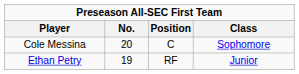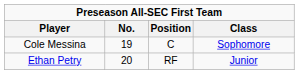 <table class="wikitable" style="text-align:center">
 <tr>
 <td colspan="5"><strong>Preseason All-SEC First Team</strong></td>
 </tr>
 <tr>
 <th style="width:150px; ">Player</th>
 <th style="width:60px; ">No.</th>
 <th style="width:60px; ">Position</th>
 <th style="width:150px; ">Class</th>
 </tr>
 <tr>
 <td>Cole Messina</td>
-<td>20</td>
+<td>19</td>
 <td>C</td>
 <td><a href='#'>Sophomore</a></td>
 </tr>
 <tr>
 <td><a href='#'>Ethan Petry</a></td>
-<td>19</td>
+<td>20</td>
 <td>RF</td>
 <td><a href='#'>Junior</a></td>
 </tr>
 </table>
